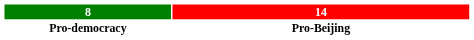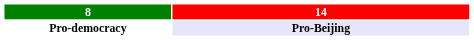 <table style="width:50%; text-align:center;">
 <tr style="color:white;">
 <td style="background:green; width:36%;"><strong>8</strong></td>
 <td style="background:red; width:64%;"><strong>14</strong></td>
 </tr>
 <tr>
 <td><span><strong>Pro-democracy</strong></span></td>
-<td><span><strong>Pro-Beijing</strong></span></td>
+<td style="background: lavender;"><span><strong>Pro-Beijing</strong></span></td>
 </tr>
 </table>
